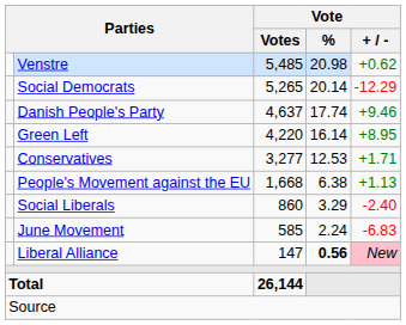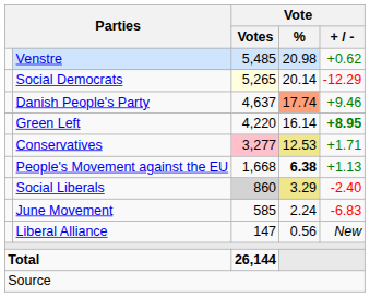 <table class="wikitable" style="text-align:right;">
 <tr>
 <th style="text-align:centre;" rowspan="2" colspan="2" width="225">Parties</th>
 <th colspan="3">Vote</th>
 </tr>
 <tr>
 <th width="15">Votes</th>
 <th width="15">%</th>
 <th width="15">+ / -</th>
 </tr>
 <tr>
 <td width="2" style="color:inherit;background:"></td>
 <td bgcolor=#cfe5fe   align="left"><a href='#'>Venstre</a></td>
 <td bgcolor=#cfe5fe>5,485</td>
 <td bgcolor=#cfe5fe>20.98</td>
 <td style=color:green;>+0.62</td>
 </tr>
 <tr>
 <td width="2" style="color:inherit;background:"></td>
 <td align="left"><a href='#'>Social Democrats</a></td>
-<td>5,265</td>
+<td style="background: lightyellow;">5,265</td>
 <td>20.14</td>
 <td style=color:red;>-12.29</td>
 </tr>
 <tr>
 <td width="2" style="color:inherit;background:"></td>
 <td align="left"><a href='#'>Danish People's Party</a></td>
 <td>4,637</td>
-<td>17.74</td>
+<td style="background: lightsalmon;">17.74</td>
 <td style=color:green;>+9.46</td>
 </tr>
 <tr>
 <td width="2" style="color:inherit;background:"></td>
 <td align="left"><a href='#'>Green Left</a></td>
 <td>4,220</td>
 <td>16.14</td>
-<td style=color:green;>+8.95</td>
+<td style=color:green;><strong>+8.95</strong></td>
 </tr>
 <tr>
 <td width="2" style="color:inherit;background:"></td>
 <td align="left"><a href='#'>Conservatives</a></td>
-<td>3,277</td>
-<td>12.53</td>
+<td style="background: pink;">3,277</td>
+<td style="background: khaki;">12.53</td>
 <td style=color:green;>+1.71</td>
 </tr>
 <tr>
 <td width="2" style="color:inherit;background:"></td>
 <td align="left"><a href='#'>People's Movement against the EU</a></td>
 <td>1,668</td>
-<td>6.38</td>
+<td><strong>6.38</strong></td>
 <td style=color:green;>+1.13</td>
 </tr>
 <tr>
 <td width="2" style="color:inherit;background:"></td>
 <td align="left"><a href='#'>Social Liberals</a></td>
-<td>860</td>
-<td>3.29</td>
+<td style="background: lightgrey;">860</td>
+<td style="background: khaki;">3.29</td>
 <td style=color:red;>-2.40</td>
 </tr>
 <tr>
 <td width="2" style="color:inherit;background:"></td>
 <td align="left"><a href='#'>June Movement</a></td>
 <td>585</td>
 <td>2.24</td>
 <td style=color:red;>-6.83</td>
 </tr>
 <tr>
 <td width="2" style="color:inherit;background:"></td>
 <td align="left"><a href='#'>Liberal Alliance</a></td>
 <td>147</td>
-<td><strong>0.56</strong></td>
-<td style="background: pink;"><em>New</em></td>
+<td>0.56</td>
+<td><em>New</em></td>
 </tr>
 <tr>
 <td colspan="7" bgcolor="#E9E9E9"></td>
 </tr>
 <tr>
 <td align="left" colspan="2"><strong>Total</strong></td>
 <td><strong>26,144</strong></td>
 <td bgcolor="#E9E9E9" colspan="2"></td>
 </tr>
 <tr>
 <td align="left" colspan="6">Source</td>
 </tr>
 </table>
